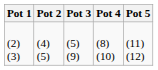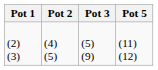 <table class="wikitable">
 <tr>
 <th width=20%>Pot 1</th>
 <th width=20%>Pot 2</th>
 <th width=20%>Pot 3</th>
-<th width=20%>Pot 4</th>
 <th width=20%>Pot 5</th>
 </tr>
 <tr>
 <td><br> (2)<br>  (3)</td>
 <td><br> (4)<br>  (5)</td>
 <td><br> (5)<br>  (9)</td>
-<td><br> (8)<br>  (10)</td>
 <td><br> (11)<br>  (12)</td>
 </tr>
 </table>
